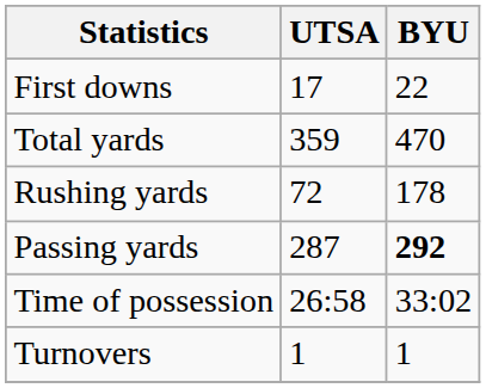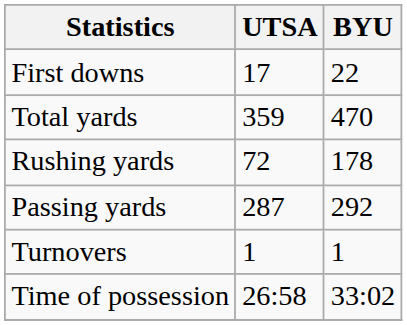 <table class="wikitable">
 <tr>
 <th>Statistics</th>
 <th>UTSA</th>
 <th>BYU</th>
 </tr>
 <tr>
 <td>First downs</td>
 <td>17</td>
 <td>22</td>
 </tr>
 <tr>
 <td>Total yards</td>
 <td>359</td>
 <td>470</td>
 </tr>
 <tr>
 <td>Rushing yards</td>
 <td>72</td>
 <td>178</td>
 </tr>
 <tr>
 <td>Passing yards</td>
 <td>287</td>
-<td><strong>292</strong></td>
+<td>292</td>
+</tr>
+<tr>
+<td>Turnovers</td>
+<td>1</td>
+<td>1</td>
 </tr>
 <tr>
 <td>Time of possession</td>
 <td>26:58</td>
 <td>33:02</td>
 </tr>
 <tr>
-<td>Turnovers</td>
-<td>1</td>
-<td>1</td>
-</tr>
-<tr>
 </tr>
 </table>
